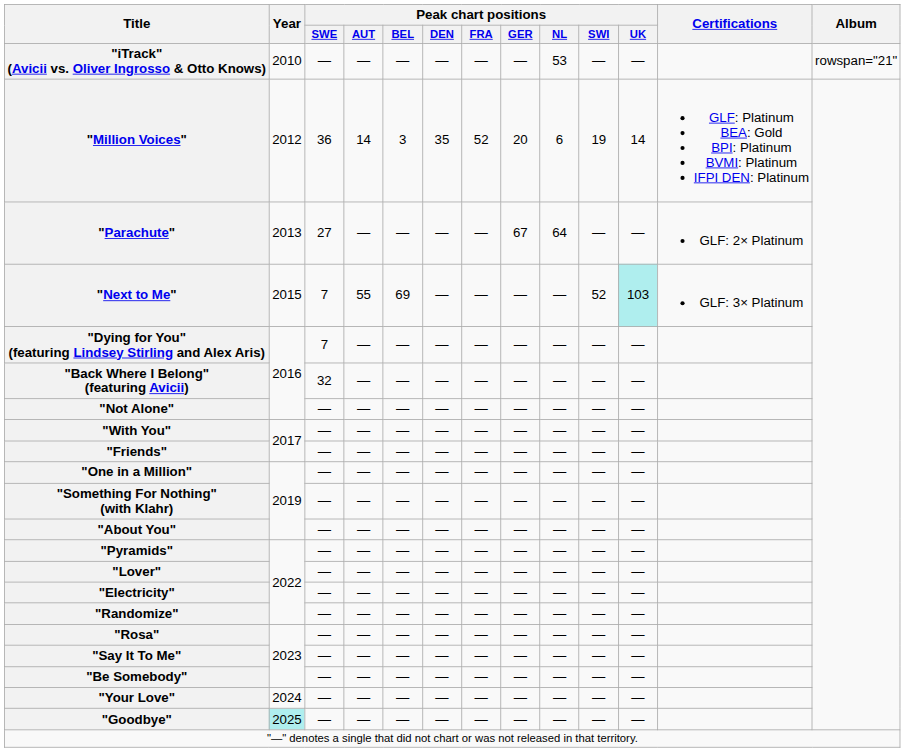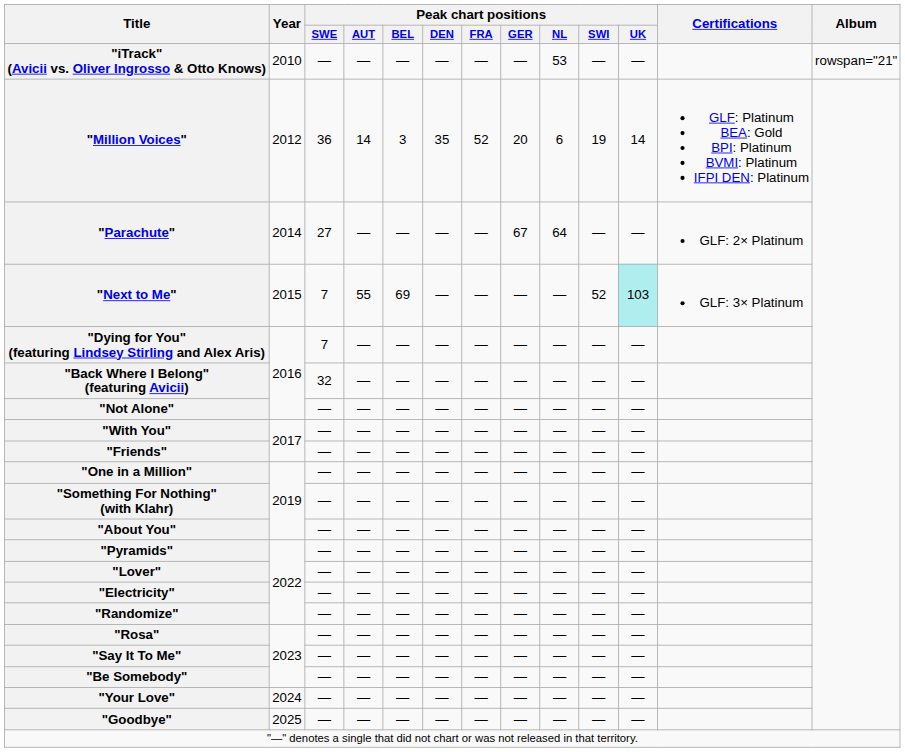 <table class="wikitable plainrowheaders" style="text-align:center;">
 <tr>
 <th scope="col" rowspan="2">Title</th>
 <th scope="col" rowspan="2">Year</th>
 <th scope="col" colspan="9">Peak chart positions</th>
 <th scope="col" rowspan="2"><a href='#'>Certifications</a></th>
 <th scope="col" rowspan="2">Album</th>
 </tr>
 <tr>
 <th scope="col" style="width:3em;font-size:85%;"><a href='#'>SWE</a><br></th>
 <th scope="col" style="width:3em;font-size:85%;"><a href='#'>AUT</a><br></th>
 <th scope="col" style="width:3em;font-size:85%;"><a href='#'>BEL</a><br></th>
 <th scope="col" style="width:3em;font-size:85%;"><a href='#'>DEN</a><br></th>
 <th scope="col" style="width:3em;font-size:85%;"><a href='#'>FRA</a><br></th>
 <th scope="col" style="width:3em;font-size:85%;"><a href='#'>GER</a><br></th>
 <th scope="col" style="width:3em;font-size:85%;"><a href='#'>NL</a><br></th>
 <th scope="col" style="width:3em;font-size:85%;"><a href='#'>SWI</a><br></th>
 <th scope="col" style="width:3em;font-size:85%;"><a href='#'>UK</a><br></th>
 </tr>
 <tr>
 <th scope="row">"iTrack"<br><span>(<a href='#'>Avicii</a> vs. <a href='#'>Oliver Ingrosso</a> & Otto Knows)</span></th>
 <td>2010</td>
 <td>—</td>
 <td>—</td>
 <td>—</td>
 <td>—</td>
 <td>—</td>
 <td>—</td>
 <td>53</td>
 <td>—</td>
 <td>—</td>
 <td></td>
 <td>rowspan="21" </td>
 </tr>
 <tr>
 <th scope="row">"<a href='#'>Million Voices</a>"</th>
 <td>2012</td>
 <td>36</td>
 <td>14</td>
 <td>3</td>
 <td>35</td>
 <td>52</td>
 <td>20</td>
 <td>6</td>
 <td>19</td>
 <td>14</td>
 <td><br><ul><li><a href='#'>GLF</a>: Platinum</li><li><a href='#'>BEA</a>: Gold</li><li><a href='#'>BPI</a>: Platinum</li><li><a href='#'>BVMI</a>: Platinum</li><li><a href='#'>IFPI DEN</a>: Platinum</li></ul></td>
 </tr>
 <tr>
 <th scope="row">"<a href='#'>Parachute</a>"</th>
-<td>2013</td>
+<td>2014</td>
 <td>27</td>
 <td>—</td>
 <td>—</td>
 <td>—</td>
 <td>—</td>
 <td>67</td>
 <td>64</td>
 <td>—</td>
 <td>—</td>
 <td><br><ul><li>GLF: 2× Platinum</li></ul></td>
 </tr>
 <tr>
 <th scope="row">"<a href='#'>Next to Me</a>"</th>
 <td>2015</td>
 <td>7</td>
 <td>55</td>
 <td>69</td>
 <td>—</td>
 <td>—</td>
 <td>—</td>
 <td>—</td>
 <td>52</td>
 <td style="background: paleturquoise;">103</td>
 <td><br><ul><li>GLF: 3× Platinum</li></ul></td>
 </tr>
 <tr>
 <th scope="row">"Dying for You"<br><span>(featuring <a href='#'>Lindsey Stirling</a> and Alex Aris)</span></th>
 <td rowspan="3">2016</td>
 <td>7</td>
 <td>—</td>
 <td>—</td>
 <td>—</td>
 <td>—</td>
 <td>—</td>
 <td>—</td>
 <td>—</td>
 <td>—</td>
 <td></td>
 </tr>
 <tr>
 <th scope="row">"Back Where I Belong"<br><span>(featuring <a href='#'>Avicii</a>)</span></th>
 <td>32</td>
 <td>—</td>
 <td>—</td>
 <td>—</td>
 <td>—</td>
 <td>—</td>
 <td>—</td>
 <td>—</td>
 <td>—</td>
 <td></td>
 </tr>
 <tr>
 <th scope="row">"Not Alone"</th>
 <td>—</td>
 <td>—</td>
 <td>—</td>
 <td>—</td>
 <td>—</td>
 <td>—</td>
 <td>—</td>
 <td>—</td>
 <td>—</td>
 <td></td>
 </tr>
 <tr>
 <th scope="row">"With You"</th>
 <td rowspan="2">2017</td>
 <td>—</td>
 <td>—</td>
 <td>—</td>
 <td>—</td>
 <td>—</td>
 <td>—</td>
 <td>—</td>
 <td>—</td>
 <td>—</td>
 <td></td>
 </tr>
 <tr>
 <th scope="row">"Friends"</th>
 <td>—</td>
 <td>—</td>
 <td>—</td>
 <td>—</td>
 <td>—</td>
 <td>—</td>
 <td>—</td>
 <td>—</td>
 <td>—</td>
 <td></td>
 </tr>
 <tr>
 <th scope="row">"One in a Million"</th>
 <td rowspan="3">2019</td>
 <td>—</td>
 <td>—</td>
 <td>—</td>
 <td>—</td>
 <td>—</td>
 <td>—</td>
 <td>—</td>
 <td>—</td>
 <td>—</td>
 <td></td>
 </tr>
 <tr>
 <th scope="row">"Something For Nothing" <br><span>(with Klahr)</span></th>
 <td>—</td>
 <td>—</td>
 <td>—</td>
 <td>—</td>
 <td>—</td>
 <td>—</td>
 <td>—</td>
 <td>—</td>
 <td>—</td>
 <td></td>
 </tr>
 <tr>
 <th scope="row">"About You"</th>
 <td>—</td>
 <td>—</td>
 <td>—</td>
 <td>—</td>
 <td>—</td>
 <td>—</td>
 <td>—</td>
 <td>—</td>
 <td>—</td>
 <td></td>
 </tr>
 <tr>
 <th scope="row">"Pyramids"</th>
 <td rowspan="4">2022</td>
 <td>—</td>
 <td>—</td>
 <td>—</td>
 <td>—</td>
 <td>—</td>
 <td>—</td>
 <td>—</td>
 <td>—</td>
 <td>—</td>
 <td></td>
 </tr>
 <tr>
 <th scope="row">"Lover"</th>
 <td>—</td>
 <td>—</td>
 <td>—</td>
 <td>—</td>
 <td>—</td>
 <td>—</td>
 <td>—</td>
 <td>—</td>
 <td>—</td>
 <td></td>
 </tr>
 <tr>
 <th scope="row">"Electricity"</th>
 <td>—</td>
 <td>—</td>
 <td>—</td>
 <td>—</td>
 <td>—</td>
 <td>—</td>
 <td>—</td>
 <td>—</td>
 <td>—</td>
 <td></td>
 </tr>
 <tr>
 <th scope="row">"Randomize"</th>
 <td>—</td>
 <td>—</td>
 <td>—</td>
 <td>—</td>
 <td>—</td>
 <td>—</td>
 <td>—</td>
 <td>—</td>
 <td>—</td>
 <td></td>
 </tr>
 <tr>
 <th scope="row">"Rosa"</th>
 <td rowspan="3">2023</td>
 <td>—</td>
 <td>—</td>
 <td>—</td>
 <td>—</td>
 <td>—</td>
 <td>—</td>
 <td>—</td>
 <td>—</td>
 <td>—</td>
 <td></td>
 </tr>
 <tr>
 <th scope="row">"Say It To Me"</th>
 <td>—</td>
 <td>—</td>
 <td>—</td>
 <td>—</td>
 <td>—</td>
 <td>—</td>
 <td>—</td>
 <td>—</td>
 <td>—</td>
 <td></td>
 </tr>
 <tr>
 <th scope="row">"Be Somebody"</th>
 <td>—</td>
 <td>—</td>
 <td>—</td>
 <td>—</td>
 <td>—</td>
 <td>—</td>
 <td>—</td>
 <td>—</td>
 <td>—</td>
 <td></td>
 </tr>
 <tr>
 <th scope="row">"Your Love"</th>
 <td>2024</td>
 <td>—</td>
 <td>—</td>
 <td>—</td>
 <td>—</td>
 <td>—</td>
 <td>—</td>
 <td>—</td>
 <td>—</td>
 <td>—</td>
 <td></td>
 </tr>
 <tr>
 <th scope="row">"Goodbye"</th>
-<td style="background: paleturquoise;">2025</td>
+<td>2025</td>
 <td>—</td>
 <td>—</td>
 <td>—</td>
 <td>—</td>
 <td>—</td>
 <td>—</td>
 <td>—</td>
 <td>—</td>
 <td>—</td>
 <td></td>
 </tr>
 <tr>
 <td colspan="14" style="font-size:85%">"—" denotes a single that did not chart or was not released in that territory.</td>
 </tr>
 </table>
